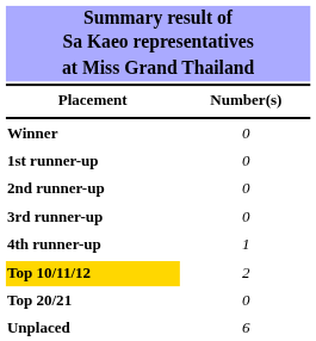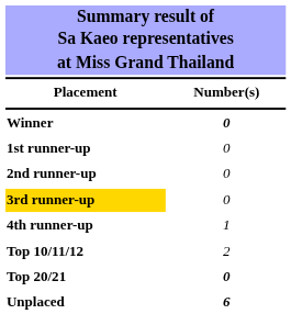 <table style="width: 270px; font-size:85%; line-height:1.5em;">
 <tr>
 <th colspan="2" align="center" style="background:#AAF;"><big>Summary result of<br>Sa Kaeo representatives<br>at Miss Grand Thailand</big></th>
 </tr>
 <tr>
 <td colspan="2" style="background:black"></td>
 </tr>
 <tr>
 <th scope="col">Placement</th>
 <th scope="col">Number(s)</th>
 </tr>
 <tr>
 <td colspan="2" style="background:black"></td>
 </tr>
 <tr>
 <td align="left"><strong>Winner</strong></td>
-<td align="center"><em>0</em></td>
+<td align="center"><strong><em>0</em></strong></td>
 </tr>
 <tr>
 <td align="left"><strong>1st runner-up</strong></td>
 <td align="center"><em>0</em></td>
 </tr>
 <tr>
 <td align="left"><strong>2nd runner-up</strong></td>
 <td align="center"><em>0</em></td>
 </tr>
 <tr>
-<td align="left"><strong>3rd runner-up</strong></td>
+<td align="left" style="background: gold;"><strong>3rd runner-up</strong></td>
 <td align="center"><em>0</em></td>
 </tr>
 <tr>
 <td align="left"><strong>4th runner-up</strong></td>
 <td align="center"><em>1</em></td>
 </tr>
 <tr>
-<td align="left" style="background: gold;"><strong>Top 10/11/12</strong></td>
+<td align="left"><strong>Top 10/11/12</strong></td>
 <td align="center"><em>2</em></td>
 </tr>
 <tr>
 <td align="left"><strong>Top 20/21</strong></td>
-<td align="center"><em>0</em></td>
+<td align="center"><strong><em>0</em></strong></td>
 </tr>
 <tr>
 <td align="left"><strong>Unplaced</strong></td>
-<td align="center"><em>6</em></td>
+<td align="center"><strong><em>6</em></strong></td>
 </tr>
 </table>
